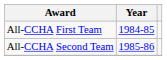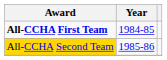 <table class="wikitable">
 <tr>
 <th>Award</th>
 <th>Year</th>
 <th></th>
 </tr>
 <tr>
-<td>All-<a href='#'>CCHA</a> <a href='#'>First Team</a></td>
+<td><strong>All-<a href='#'>CCHA</a> <a href='#'>First Team</a></strong></td>
 <td><a href='#'>1984-85</a></td>
 <td></td>
 </tr>
 <tr>
-<td>All-<a href='#'>CCHA</a> <a href='#'>Second Team</a></td>
+<td style="background: gold;">All-<a href='#'>CCHA</a> <a href='#'>Second Team</a></td>
 <td><a href='#'>1985-86</a></td>
 <td></td>
 </tr>
 <tr>
 </tr>
 </table>
